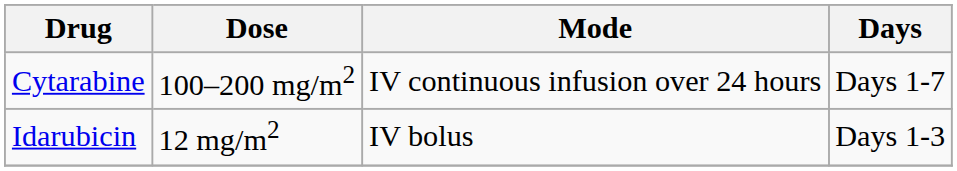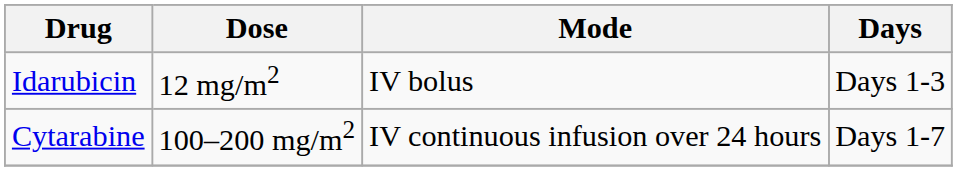 <table class="wikitable">
 <tr>
 <th>Drug</th>
 <th>Dose</th>
 <th>Mode</th>
 <th>Days</th>
 </tr>
 <tr>
+<td><a href='#'>Idarubicin</a></td>
+<td>12 mg/m<sup>2</sup></td>
+<td>IV bolus</td>
+<td>Days 1-3</td>
+</tr>
+<tr>
 <td><a href='#'>Cytarabine</a></td>
 <td>100–200 mg/m<sup>2</sup></td>
 <td>IV continuous infusion over 24 hours</td>
 <td>Days 1-7</td>
 </tr>
 <tr>
-<td><a href='#'>Idarubicin</a></td>
-<td>12 mg/m<sup>2</sup></td>
-<td>IV bolus</td>
-<td>Days 1-3</td>
-</tr>
-<tr>
 </tr>
 </table>
